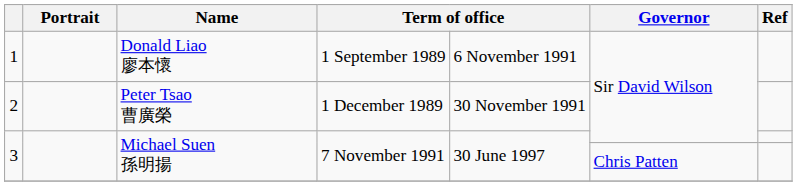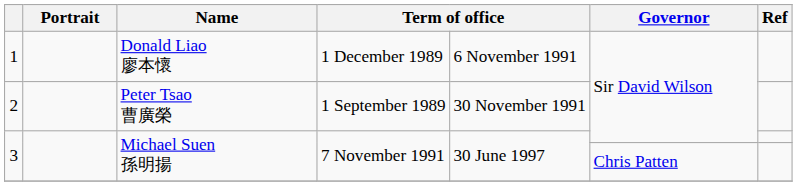 <table class="wikitable"  style="text-align:left">
 <tr>
 <th width=10px></th>
 <th width=80px>Portrait</th>
 <th width=180px>Name</th>
 <th width=180px colspan=2>Term of office</th>
 <th width=150px><a href='#'>Governor</a></th>
 <th>Ref</th>
 </tr>
 <tr>
 <td align=center>1</td>
 <td></td>
 <td><a href='#'>Donald Liao</a><br>廖本懷</td>
-<td>1 September 1989</td>
+<td>1 December 1989</td>
 <td>6 November 1991</td>
 <td rowspan=3>Sir <a href='#'>David Wilson</a><br></td>
 <td></td>
 </tr>
 <tr>
 <td align=center>2</td>
 <td></td>
 <td><a href='#'>Peter Tsao</a><br>曹廣榮</td>
-<td>1 December 1989</td>
+<td>1 September 1989</td>
 <td>30 November 1991</td>
 <td></td>
 </tr>
 <tr>
 <td rowspan="2" align=center>3</td>
 <td rowspan="2"></td>
 <td rowspan="2"><a href='#'>Michael Suen</a><br>孫明揚</td>
 <td rowspan="2">7 November 1991</td>
 <td rowspan="2">30 June 1997</td>
 <td></td>
 </tr>
 <tr>
 <td><a href='#'>Chris Patten</a><br></td>
 <td></td>
 </tr>
 <tr>
 </tr>
 </table>
